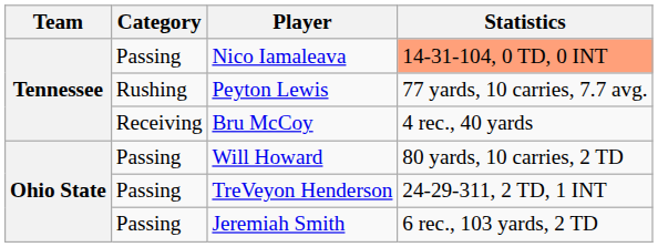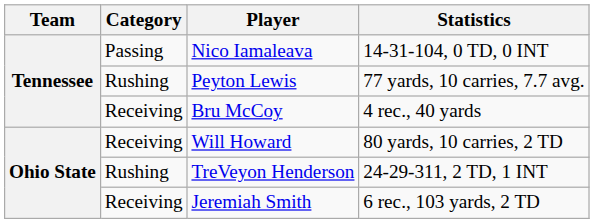 <table class="wikitable" style="float:right">
 <tr>
 <th>Team</th>
 <th>Category</th>
 <th>Player</th>
 <th>Statistics</th>
 </tr>
 <tr>
 <th rowspan=3>Tennessee</th>
 <td>Passing</td>
 <td><a href='#'>Nico Iamaleava</a></td>
-<td style="background: lightsalmon;">14-31-104, 0 TD, 0 INT</td>
+<td>14-31-104, 0 TD, 0 INT</td>
 </tr>
 <tr>
 <td>Rushing</td>
 <td><a href='#'>Peyton Lewis</a></td>
 <td>77 yards, 10 carries, 7.7 avg.</td>
 </tr>
 <tr>
 <td>Receiving</td>
 <td><a href='#'>Bru McCoy</a></td>
 <td>4 rec., 40 yards</td>
 </tr>
 <tr>
 <th rowspan=3>Ohio State</th>
-<td>Passing</td>
+<td>Receiving</td>
 <td><a href='#'>Will Howard</a></td>
 <td>80 yards, 10 carries, 2 TD</td>
 </tr>
 <tr>
-<td>Passing</td>
+<td>Rushing</td>
 <td><a href='#'>TreVeyon Henderson</a></td>
 <td>24-29-311, 2 TD, 1 INT</td>
 </tr>
 <tr>
-<td>Passing</td>
+<td>Receiving</td>
 <td><a href='#'>Jeremiah Smith</a></td>
 <td>6 rec., 103 yards, 2 TD</td>
 </tr>
 </table>
